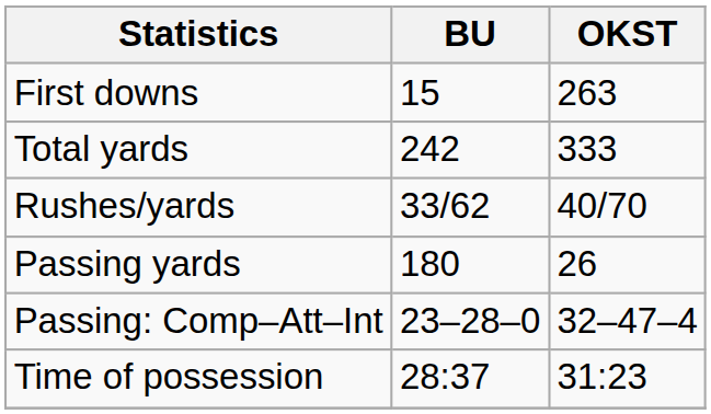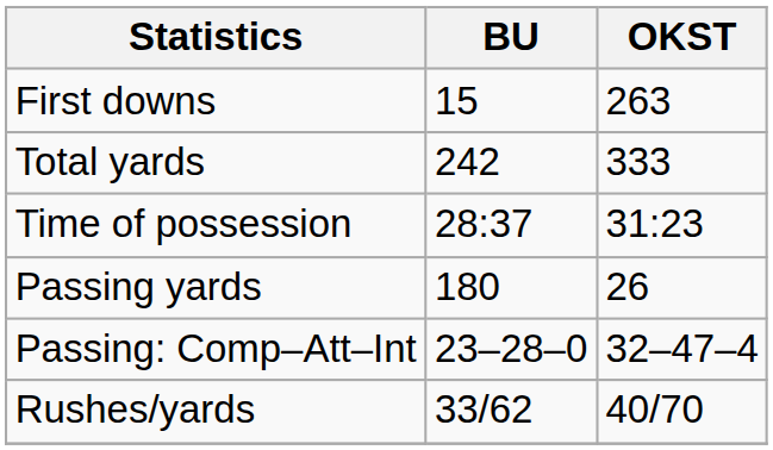 <table class="wikitable" style="float: left;">
 <tr>
 <th>Statistics</th>
 <th>BU</th>
 <th>OKST</th>
 </tr>
 <tr>
 <td>First downs</td>
 <td>15</td>
 <td>263</td>
 </tr>
 <tr>
 <td>Total yards</td>
 <td>242</td>
 <td>333</td>
 </tr>
 <tr>
-<td>Rushes/yards</td>
-<td>33/62</td>
-<td>40/70</td>
+<td>Time of possession</td>
+<td>28:37</td>
+<td>31:23</td>
 </tr>
 <tr>
 <td>Passing yards</td>
 <td>180</td>
 <td>26</td>
 </tr>
 <tr>
 <td>Passing: Comp–Att–Int</td>
 <td>23–28–0</td>
 <td>32–47–4</td>
 </tr>
 <tr>
-<td>Time of possession</td>
-<td>28:37</td>
-<td>31:23</td>
+<td>Rushes/yards</td>
+<td>33/62</td>
+<td>40/70</td>
 </tr>
 <tr>
 </tr>
 </table>
